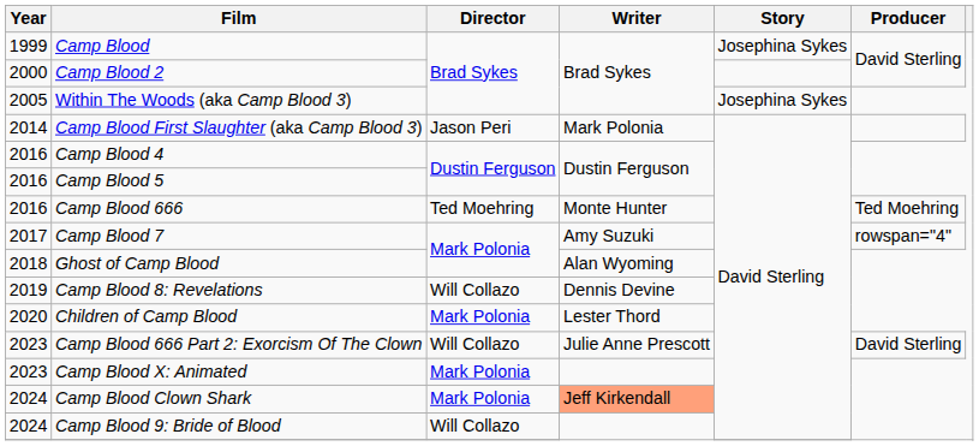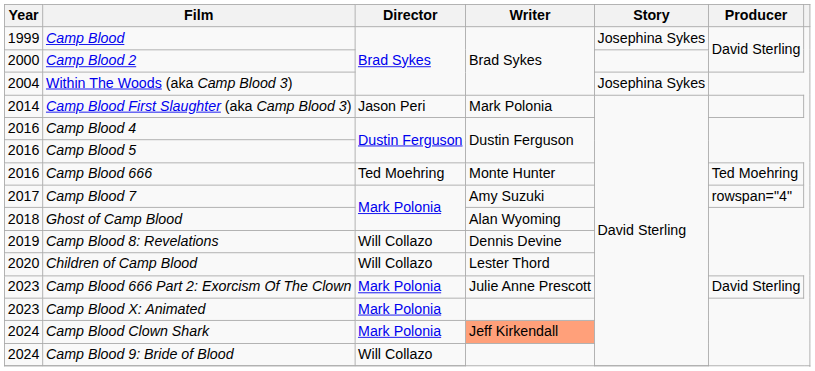 <table class="wikitable sortable">
 <tr>
 <th>Year</th>
 <th>Film</th>
 <th>Director</th>
 <th>Writer</th>
 <th>Story</th>
 <th>Producer</th>
 <th class=unsortable></th>
 </tr>
 <tr>
 <td>1999</td>
 <td><em><a href='#'>Camp Blood</a></em></td>
 <td rowspan="3"><a href='#'>Brad Sykes</a></td>
 <td rowspan="3">Brad Sykes</td>
 <td>Josephina Sykes</td>
 <td rowspan="2">David Sterling</td>
 </tr>
 <tr>
 <td>2000</td>
 <td><em><a href='#'>Camp Blood 2</a></em></td>
 <td></td>
 </tr>
 <tr>
-<td>2005</td>
+<td>2004</td>
 <td><a href='#'>Within The Woods</a> (aka <em>Camp Blood 3</em>)</td>
 <td>Josephina Sykes</td>
 </tr>
 <tr>
 <td>2014</td>
 <td><em><a href='#'>Camp Blood First Slaughter</a></em> (aka <em>Camp Blood 3</em>)</td>
 <td>Jason Peri</td>
 <td>Mark Polonia</td>
 <td rowspan="12">David Sterling</td>
 <td></td>
 </tr>
 <tr>
 <td>2016</td>
 <td><em>Camp Blood 4</em></td>
 <td rowspan="2"><a href='#'>Dustin Ferguson</a></td>
 <td rowspan="2">Dustin Ferguson</td>
 </tr>
 <tr>
 <td>2016</td>
 <td><em>Camp Blood 5</em></td>
 </tr>
 <tr>
 <td>2016</td>
 <td><em>Camp Blood 666</em></td>
 <td>Ted Moehring</td>
 <td>Monte Hunter</td>
 <td>Ted Moehring</td>
 </tr>
 <tr>
 <td>2017</td>
 <td><em>Camp Blood 7</em></td>
 <td rowspan="2"><a href='#'>Mark Polonia</a></td>
 <td>Amy Suzuki</td>
 <td>rowspan="4" </td>
 </tr>
 <tr>
 <td>2018</td>
 <td><em>Ghost of Camp Blood</em></td>
 <td>Alan Wyoming</td>
 </tr>
 <tr>
 <td>2019</td>
 <td><em>Camp Blood 8: Revelations</em></td>
 <td>Will Collazo</td>
 <td>Dennis Devine</td>
 </tr>
 <tr>
 <td>2020</td>
 <td><em>Children of Camp Blood</em></td>
-<td><a href='#'>Mark Polonia</a></td>
+<td>Will Collazo</td>
 <td>Lester Thord</td>
 </tr>
 <tr>
 <td>2023</td>
 <td><em>Camp Blood 666 Part 2: Exorcism Of The Clown</em></td>
-<td>Will Collazo</td>
+<td><a href='#'>Mark Polonia</a></td>
 <td>Julie Anne Prescott</td>
 <td>David Sterling</td>
 </tr>
 <tr>
 <td>2023</td>
 <td><em>Camp Blood X: Animated</em></td>
 <td><a href='#'>Mark Polonia</a></td>
 </tr>
 <tr>
 <td>2024</td>
 <td><em>Camp Blood Clown Shark</em></td>
 <td><a href='#'>Mark Polonia</a></td>
 <td style="background: lightsalmon;">Jeff Kirkendall</td>
 </tr>
 <tr>
 <td>2024</td>
 <td><em>Camp Blood 9: Bride of Blood</em></td>
 <td>Will Collazo</td>
 </tr>
 <tr>
 </tr>
 </table>
